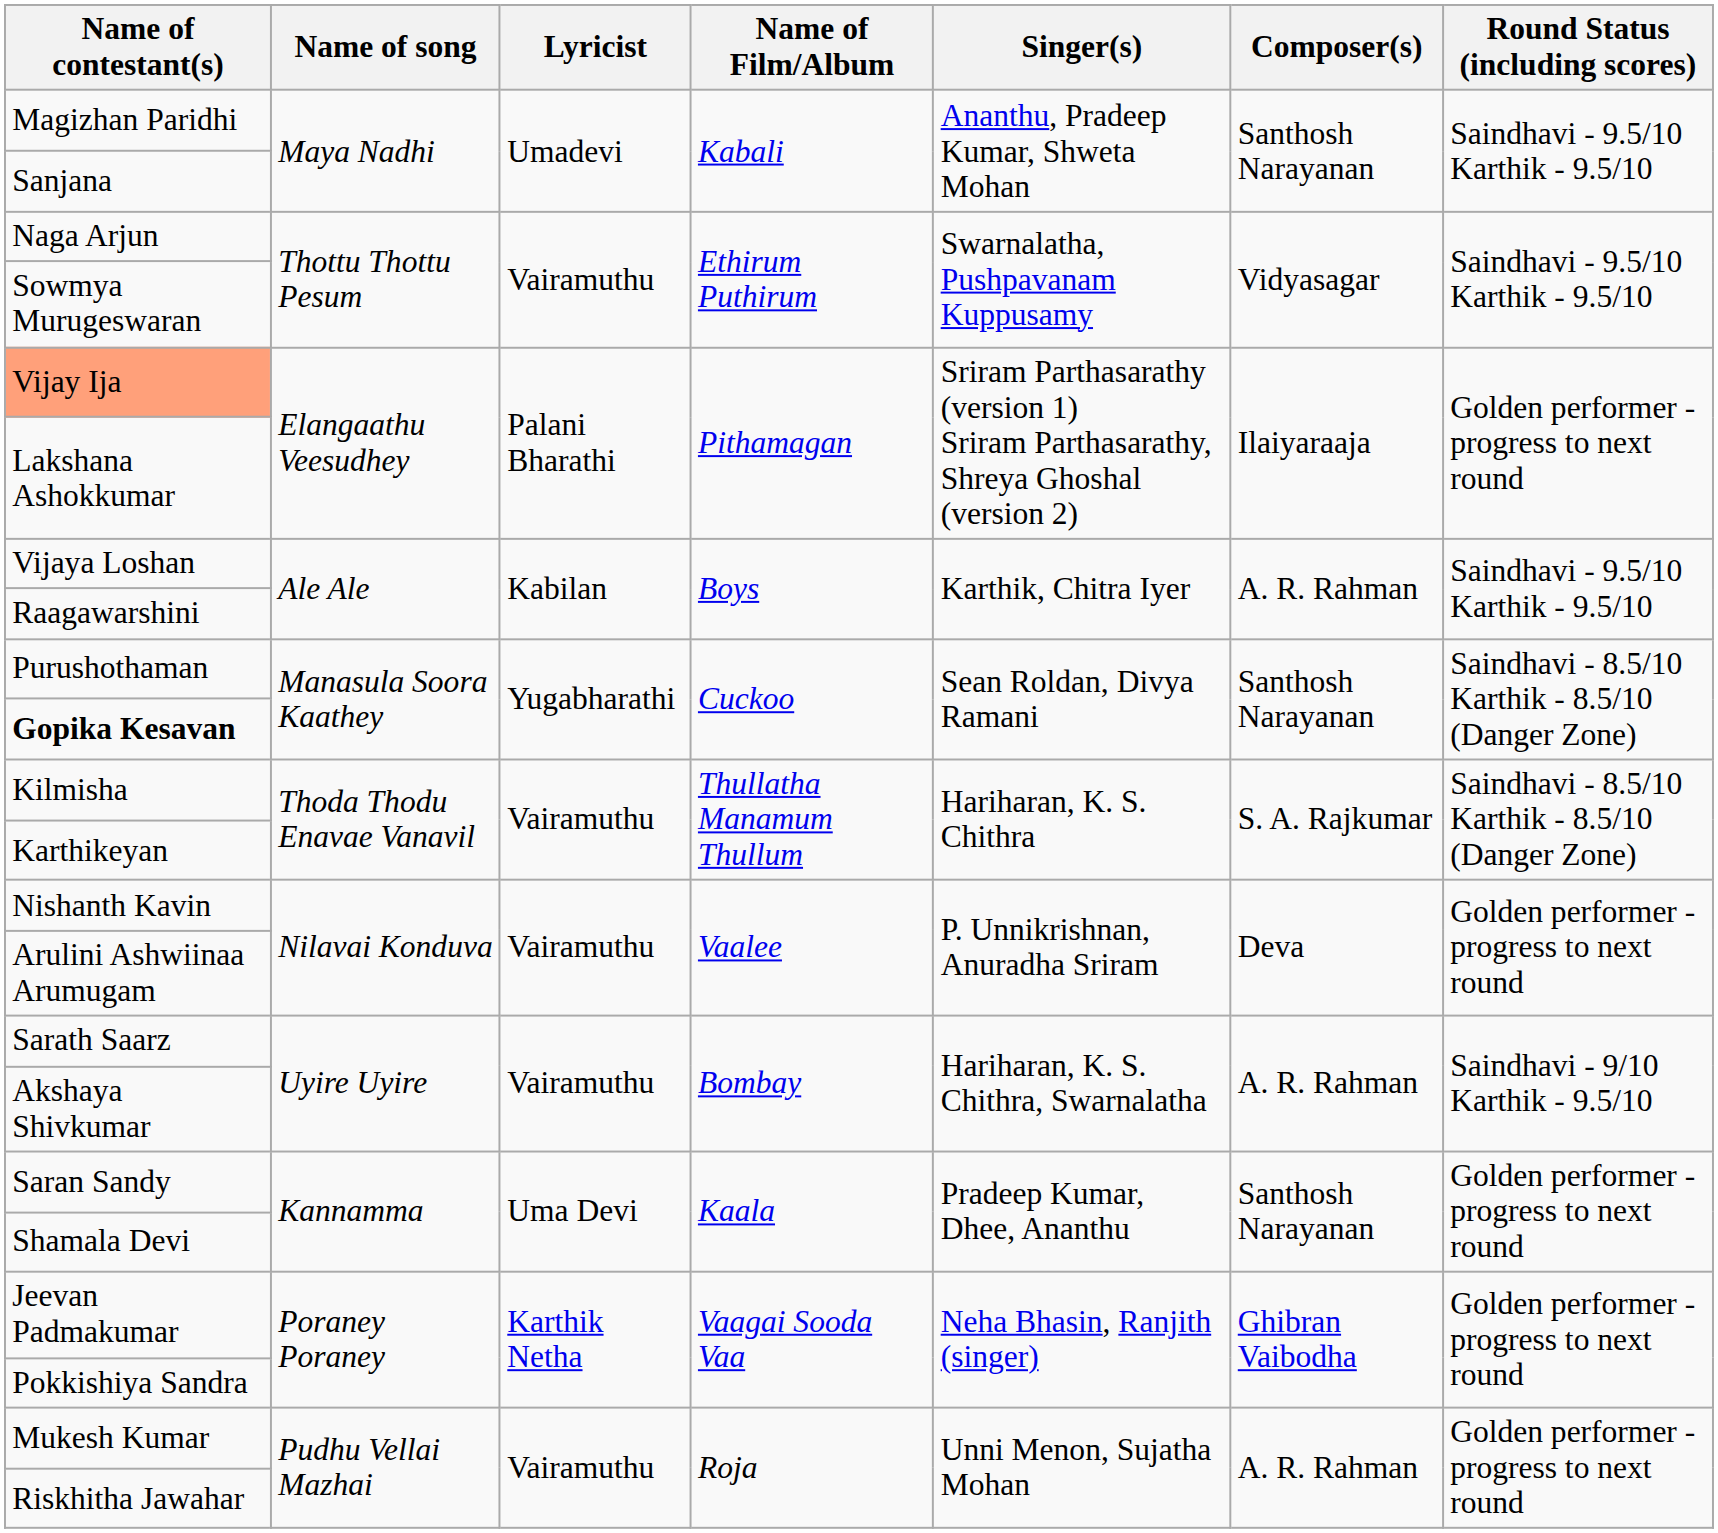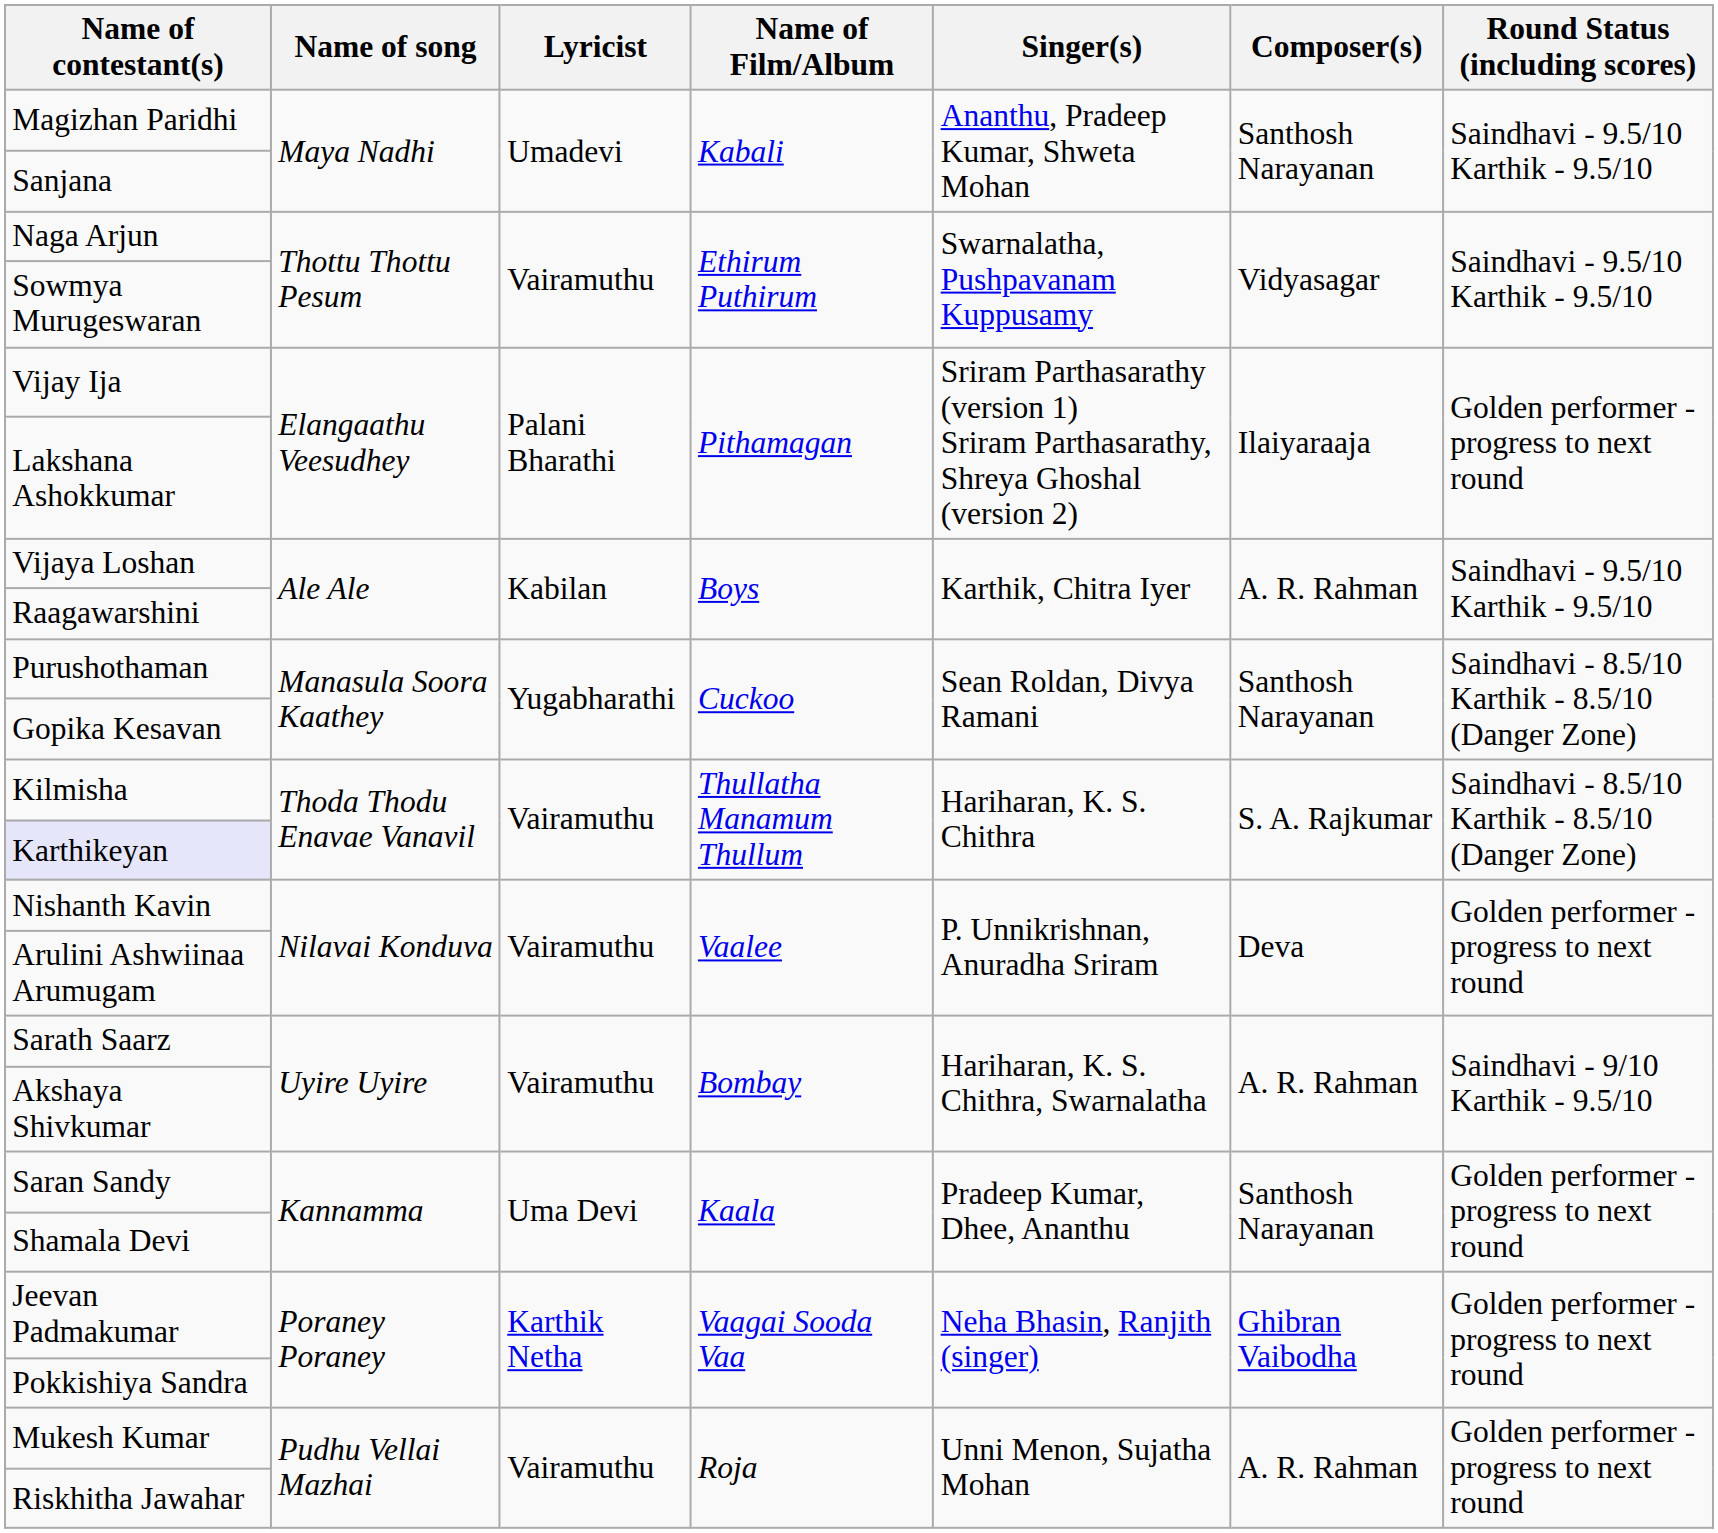 <table class="wikitable">
 <tr>
 <th>Name of contestant(s)</th>
 <th>Name of song</th>
 <th>Lyricist</th>
 <th>Name of Film/Album</th>
 <th>Singer(s)</th>
 <th>Composer(s)</th>
 <th>Round Status (including scores)</th>
 </tr>
 <tr>
 <td>Magizhan Paridhi</td>
 <td rowspan="2"><em>Maya Nadhi</em></td>
 <td rowspan="2">Umadevi</td>
 <td rowspan="2"><a href='#'><em>Kabali</em></a></td>
 <td rowspan="2"><a href='#'>Ananthu</a>, Pradeep Kumar, Shweta Mohan</td>
 <td rowspan="2">Santhosh Narayanan</td>
 <td rowspan="2">Saindhavi - 9.5/10<br>Karthik - 9.5/10</td>
 </tr>
 <tr>
 <td>Sanjana</td>
 </tr>
 <tr>
 <td>Naga Arjun</td>
 <td rowspan="2"><em>Thottu Thottu Pesum</em></td>
 <td rowspan="2">Vairamuthu</td>
 <td rowspan="2"><a href='#'><em>Ethirum Puthirum</em></a></td>
 <td rowspan="2">Swarnalatha, <a href='#'>Pushpavanam Kuppusamy</a></td>
 <td rowspan="2">Vidyasagar</td>
 <td rowspan="2">Saindhavi - 9.5/10<br>Karthik - 9.5/10</td>
 </tr>
 <tr>
 <td>Sowmya Murugeswaran</td>
 </tr>
 <tr>
-<td style="background: lightsalmon;">Vijay Ija</td>
+<td>Vijay Ija</td>
 <td rowspan="2"><em>Elangaathu Veesudhey</em></td>
 <td rowspan="2">Palani Bharathi</td>
 <td rowspan="2"><a href='#'><em>Pithamagan</em></a></td>
 <td rowspan="2">Sriram Parthasarathy (version 1)<br>Sriram Parthasarathy, Shreya Ghoshal<br>(version 2)</td>
 <td rowspan="2">Ilaiyaraaja</td>
 <td rowspan="2">Golden performer - progress to next round</td>
 </tr>
 <tr>
 <td>Lakshana Ashokkumar</td>
 </tr>
 <tr>
 <td>Vijaya Loshan</td>
 <td rowspan="2"><em>Ale Ale</em></td>
 <td rowspan="2">Kabilan</td>
 <td rowspan="2"><a href='#'><em>Boys</em></a></td>
 <td rowspan="2">Karthik, Chitra Iyer</td>
 <td rowspan="2">A. R. Rahman</td>
 <td rowspan="2">Saindhavi - 9.5/10<br>Karthik - 9.5/10</td>
 </tr>
 <tr>
 <td>Raagawarshini</td>
 </tr>
 <tr>
 <td>Purushothaman</td>
 <td rowspan="2"><em>Manasula Soora Kaathey</em></td>
 <td rowspan="2">Yugabharathi</td>
 <td rowspan="2"><a href='#'><em>Cuckoo</em></a></td>
 <td rowspan="2">Sean Roldan, Divya Ramani</td>
 <td rowspan="2">Santhosh Narayanan</td>
 <td rowspan="2">Saindhavi - 8.5/10<br>Karthik - 8.5/10<br>(Danger Zone)</td>
 </tr>
 <tr>
-<td><strong>Gopika Kesavan</strong></td>
+<td>Gopika Kesavan</td>
 </tr>
 <tr>
 <td>Kilmisha</td>
 <td rowspan="2"><em>Thoda Thodu Enavae Vanavil</em></td>
 <td rowspan="2">Vairamuthu</td>
 <td rowspan="2"><a href='#'><em>Thullatha Manamum Thullum</em></a></td>
 <td rowspan="2">Hariharan, K. S. Chithra</td>
 <td rowspan="2">S. A. Rajkumar</td>
 <td rowspan="2">Saindhavi - 8.5/10<br>Karthik - 8.5/10<br>(Danger Zone)</td>
 </tr>
 <tr>
-<td>Karthikeyan</td>
+<td style="background: lavender;">Karthikeyan</td>
 </tr>
 <tr>
 <td>Nishanth Kavin</td>
 <td rowspan="2"><em>Nilavai Konduva</em></td>
 <td rowspan="2">Vairamuthu</td>
 <td rowspan="2"><a href='#'><em>Vaalee</em></a></td>
 <td rowspan="2">P. Unnikrishnan, Anuradha Sriram</td>
 <td rowspan="2">Deva</td>
 <td rowspan="2">Golden performer - progress to next round</td>
 </tr>
 <tr>
 <td>Arulini Ashwiinaa Arumugam</td>
 </tr>
 <tr>
 <td>Sarath Saarz</td>
 <td rowspan="2"><em>Uyire Uyire</em></td>
 <td rowspan="2">Vairamuthu</td>
 <td rowspan="2"><em><a href='#'>Bombay</a></em></td>
 <td rowspan="2">Hariharan, K. S. Chithra, Swarnalatha</td>
 <td rowspan="2">A. R. Rahman</td>
 <td rowspan="2">Saindhavi - 9/10<br>Karthik - 9.5/10</td>
 </tr>
 <tr>
 <td>Akshaya Shivkumar</td>
 </tr>
 <tr>
 <td>Saran Sandy</td>
 <td rowspan="2"><em>Kannamma</em></td>
 <td rowspan="2">Uma Devi</td>
 <td rowspan="2"><a href='#'><em>Kaala</em></a></td>
 <td rowspan="2">Pradeep Kumar, Dhee, Ananthu</td>
 <td rowspan="2">Santhosh Narayanan</td>
 <td rowspan="2">Golden performer - progress to next round</td>
 </tr>
 <tr>
 <td>Shamala Devi</td>
 </tr>
 <tr>
 <td>Jeevan Padmakumar</td>
 <td rowspan="2"><em>Poraney Poraney</em></td>
 <td rowspan="2"><a href='#'>Karthik Netha</a></td>
 <td rowspan="2"><a href='#'><em>Vaagai Sooda Vaa</em></a></td>
 <td rowspan="2"><a href='#'>Neha Bhasin</a>, <a href='#'>Ranjith (singer)</a></td>
 <td rowspan="2"><a href='#'>Ghibran Vaibodha</a></td>
 <td rowspan="2">Golden performer - progress to next round</td>
 </tr>
 <tr>
 <td>Pokkishiya Sandra</td>
 </tr>
 <tr>
 <td>Mukesh Kumar</td>
 <td rowspan="2"><em>Pudhu Vellai Mazhai</em></td>
 <td rowspan="2">Vairamuthu</td>
 <td rowspan="2"><em>Roja</em></td>
 <td rowspan="2">Unni Menon, Sujatha Mohan</td>
 <td rowspan="2">A. R. Rahman</td>
 <td rowspan="2">Golden performer - progress to next round</td>
 </tr>
 <tr>
 <td>Riskhitha Jawahar</td>
 </tr>
 </table>
